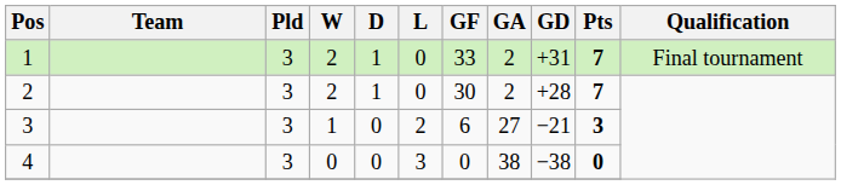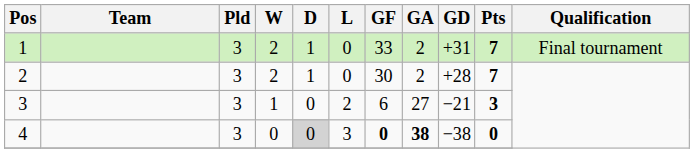 <table class="wikitable" border="1" style="text-align: center;">
 <tr>
 <th width="25"><abbr>Pos</abbr></th>
 <th width="150">Team</th>
 <th width="25"><abbr>Pld</abbr></th>
 <th width="25"><abbr>W</abbr></th>
 <th width="25"><abbr>D</abbr></th>
 <th width="25"><abbr>L</abbr></th>
 <th width="25"><abbr>GF</abbr></th>
 <th width="25"><abbr>GA</abbr></th>
 <th width="25"><abbr>GD</abbr></th>
 <th width="25"><abbr>Pts</abbr></th>
 <th width="150">Qualification</th>
 </tr>
 <tr bgcolor= #D0F0C0>
 <td>1</td>
 <td align="left"></td>
 <td>3</td>
 <td>2</td>
 <td>1</td>
 <td>0</td>
 <td>33</td>
 <td>2</td>
 <td>+31</td>
 <td><strong>7</strong></td>
 <td>Final tournament</td>
 </tr>
 <tr>
 <td>2</td>
 <td align="left"></td>
 <td>3</td>
 <td>2</td>
 <td>1</td>
 <td>0</td>
 <td>30</td>
 <td>2</td>
 <td>+28</td>
 <td><strong>7</strong></td>
 </tr>
 <tr>
 <td>3</td>
 <td align="left"></td>
 <td>3</td>
 <td>1</td>
 <td>0</td>
 <td>2</td>
 <td>6</td>
 <td>27</td>
 <td>−21</td>
 <td><strong>3</strong></td>
 </tr>
 <tr>
 <td>4</td>
 <td align="left"></td>
 <td>3</td>
 <td>0</td>
-<td>0</td>
+<td style="background: lightgrey;">0</td>
 <td>3</td>
-<td>0</td>
-<td>38</td>
+<td><strong>0</strong></td>
+<td><strong>38</strong></td>
 <td>−38</td>
 <td><strong>0</strong></td>
 </tr>
 <tr>
 </tr>
 </table>
